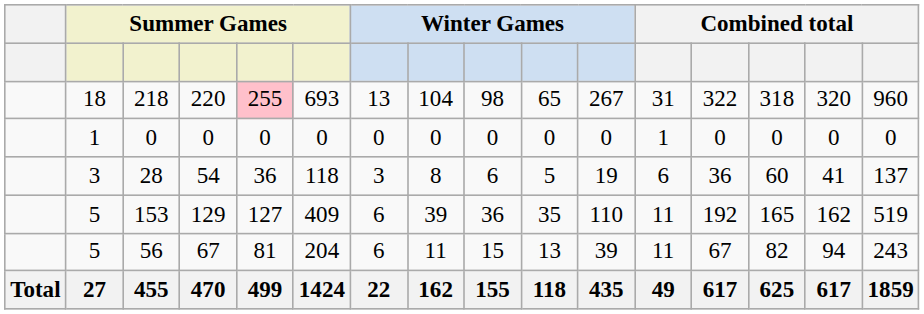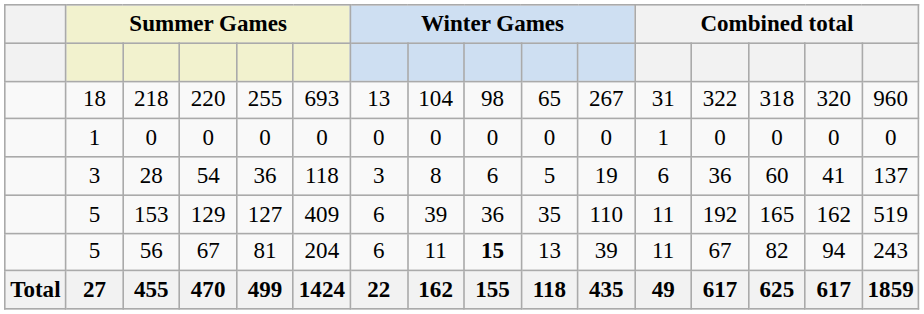 <table class="wikitable sortable" style="margin-top:0; text-align:center; font-size:90%;">
 <tr>
 <th></th>
 <th align="center" style="background-color:#f2f2ce;" colspan="5" ;>Summer Games</th>
 <th align="center" style="background-color:#cedff2;" colspan="5" ;>Winter Games</th>
 <th align="center" colspan="5" ;>Combined total</th>
 </tr>
 <tr>
 <th></th>
 <th style="background-color:#f2f2ce; width:2em;"><br></th>
 <th style="background-color:#f2f2ce; width:2em;"><br></th>
 <th style="background-color:#f2f2ce; width:2em;"><br></th>
 <th style="background-color:#f2f2ce; width:2em;"><br></th>
 <th style="background-color:#f2f2ce; width:2em;"><br></th>
 <th style="background-color:#cedff2; width:2em;"><br></th>
 <th style="background-color:#cedff2; width:2em;"><br></th>
 <th style="background-color:#cedff2; width:2em;"><br></th>
 <th style="background-color:#cedff2; width:2em;"><br></th>
 <th style="background-color:#cedff2; width:2em;"><br></th>
 <th style="width:2em;"><br></th>
 <th style="width:2em;"><br></th>
 <th style="width:2em;"><br></th>
 <th style="width:2em;"><br></th>
 <th style="width:2em;"><br></th>
 </tr>
 <tr>
 <td align=left>  </td>
 <td>18</td>
 <td>218</td>
 <td>220</td>
-<td style="background: pink;">255</td>
+<td>255</td>
 <td>693</td>
 <td>13</td>
 <td>104</td>
 <td>98</td>
 <td>65</td>
 <td>267</td>
 <td>31</td>
 <td>322</td>
 <td>318</td>
 <td>320</td>
 <td>960</td>
 </tr>
 <tr>
 <td align=left></td>
 <td>1</td>
 <td>0</td>
 <td>0</td>
 <td>0</td>
 <td>0</td>
 <td>0</td>
 <td>0</td>
 <td>0</td>
 <td>0</td>
 <td>0</td>
 <td>1</td>
 <td>0</td>
 <td>0</td>
 <td>0</td>
 <td>0</td>
 </tr>
 <tr>
 <td align=left></td>
 <td>3</td>
 <td>28</td>
 <td>54</td>
 <td>36</td>
 <td>118</td>
 <td>3</td>
 <td>8</td>
 <td>6</td>
 <td>5</td>
 <td>19</td>
 <td>6</td>
 <td>36</td>
 <td>60</td>
 <td>41</td>
 <td>137</td>
 </tr>
 <tr>
 <td align=left></td>
 <td>5</td>
 <td>153</td>
 <td>129</td>
 <td>127</td>
 <td>409</td>
 <td>6</td>
 <td>39</td>
 <td>36</td>
 <td>35</td>
 <td>110</td>
 <td>11</td>
 <td>192</td>
 <td>165</td>
 <td>162</td>
 <td>519</td>
 </tr>
 <tr>
 <td align=left></td>
 <td>5</td>
 <td>56</td>
 <td>67</td>
 <td>81</td>
 <td>204</td>
 <td>6</td>
 <td>11</td>
-<td>15</td>
+<td><strong>15</strong></td>
 <td>13</td>
 <td>39</td>
 <td>11</td>
 <td>67</td>
 <td>82</td>
 <td>94</td>
 <td>243</td>
 </tr>
 <tr>
 <th style="text-align: center;">Total</th>
 <th>27</th>
 <th>455</th>
 <th>470</th>
 <th>499</th>
 <th>1424</th>
 <th>22</th>
 <th>162</th>
 <th>155</th>
 <th>118</th>
 <th>435</th>
 <th>49</th>
 <th>617</th>
 <th>625</th>
 <th>617</th>
 <th>1859</th>
 </tr>
 </table>
